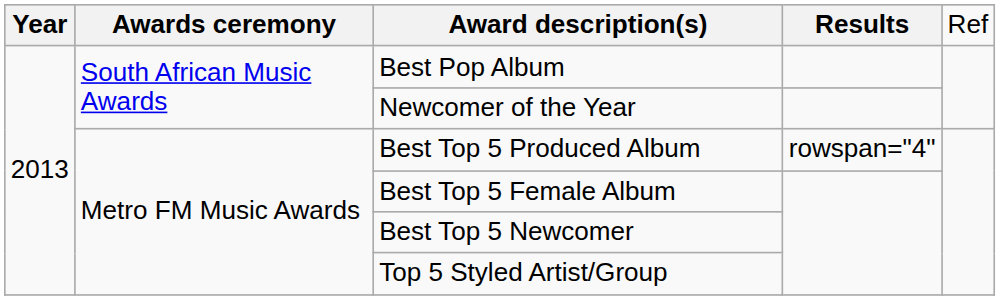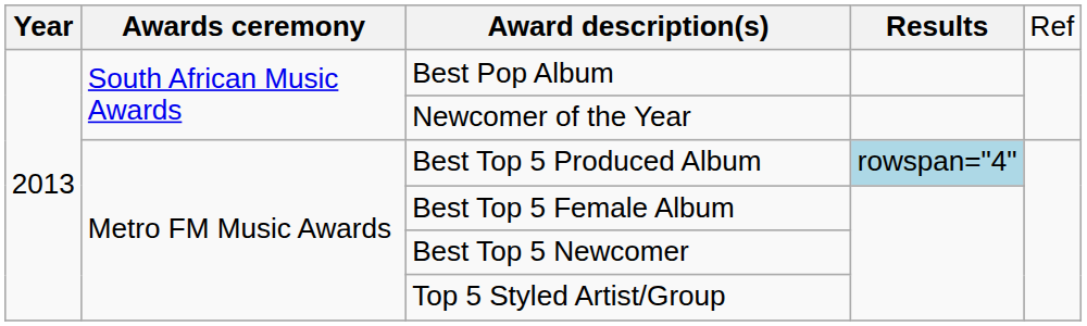 <table class="wikitable">
 <tr>
 <th>Year</th>
 <th width="180">Awards ceremony</th>
 <th width="250">Award description(s)</th>
 <th width="75">Results</th>
 <td>Ref</td>
 </tr>
 <tr>
 <td rowspan="6">2013</td>
 <td rowspan="2"><a href='#'>South African Music Awards</a></td>
 <td>Best Pop Album</td>
 <td></td>
 <td rowspan="2"></td>
 </tr>
 <tr>
 <td>Newcomer of the Year</td>
 <td></td>
 </tr>
 <tr>
 <td rowspan="4">Metro FM Music Awards</td>
 <td>Best Top 5 Produced Album</td>
-<td>rowspan="4" </td>
+<td style="background: lightblue;">rowspan="4" </td>
 <td rowspan="4"></td>
 </tr>
 <tr>
 <td>Best Top 5 Female Album</td>
 </tr>
 <tr>
 <td>Best Top 5 Newcomer</td>
 </tr>
 <tr>
 <td>Top 5 Styled Artist/Group</td>
 </tr>
 </table>
